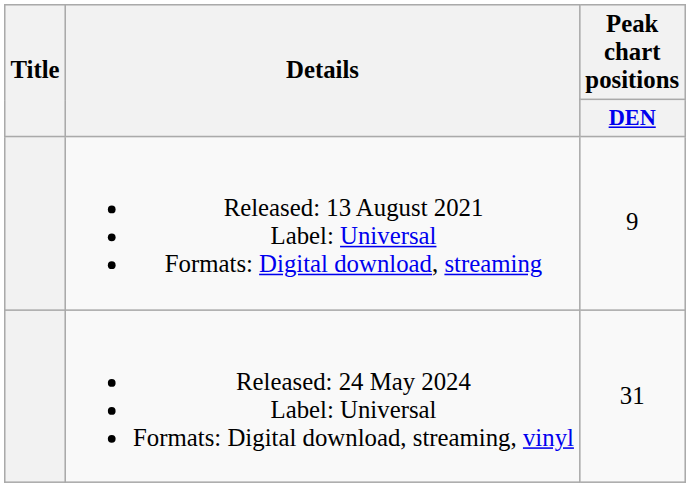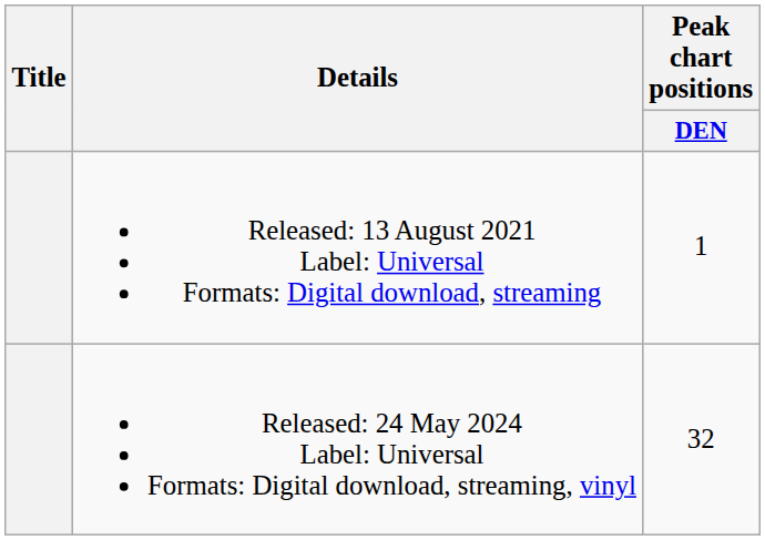 <table class="wikitable plainrowheaders" style="text-align:center;">
 <tr>
 <th scope="col" rowspan="2">Title</th>
 <th scope="col" rowspan="2">Details</th>
 <th scope="col" colspan="1">Peak chart positions</th>
 </tr>
 <tr>
 <th scope="col" style="width:3em;font-size:90%;"><a href='#'>DEN</a><br></th>
 </tr>
 <tr>
 <th scope="row"></th>
 <td><br><ul><li>Released: 13 August 2021</li><li>Label: <a href='#'>Universal</a></li><li>Formats: <a href='#'>Digital download</a>, <a href='#'>streaming</a></li></ul></td>
-<td>9</td>
+<td>1</td>
 </tr>
 <tr>
 <th scope="row"></th>
 <td><br><ul><li>Released: 24 May 2024</li><li>Label: Universal</li><li>Formats: Digital download, streaming, <a href='#'>vinyl</a></li></ul></td>
-<td>31<br></td>
+<td>32<br></td>
 </tr>
 </table>
